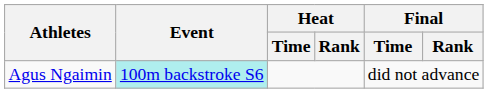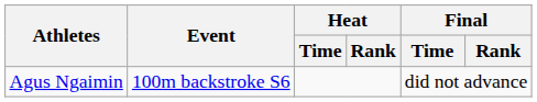 <table class=wikitable>
 <tr>
 <th rowspan="2">Athletes</th>
 <th rowspan="2">Event</th>
 <th colspan="2">Heat</th>
 <th colspan="2">Final</th>
 </tr>
 <tr>
 <th>Time</th>
 <th>Rank</th>
 <th>Time</th>
 <th>Rank</th>
 </tr>
 <tr align=center>
 <td align=left><a href='#'>Agus Ngaimin</a></td>
-<td align=left style="background: paleturquoise;"><a href='#'>100m backstroke S6</a></td>
+<td align=left><a href='#'>100m backstroke S6</a></td>
 <td colspan=2></td>
 <td colspan=2>did not advance</td>
 </tr>
 </table>
